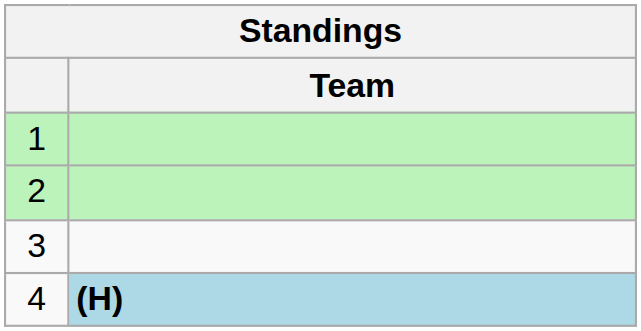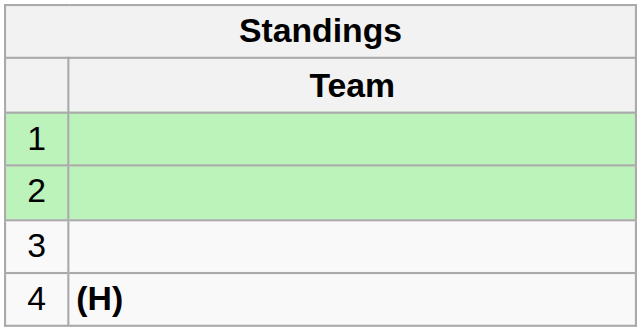 <table class="wikitable" style="text-align:center" width="300">
 <tr>
 <th colspan="2">Standings</th>
 </tr>
 <tr>
 <th width="5%"></th>
 <th width="50%">Team</th>
 </tr>
 <tr bgcolor="bbf3bb">
 <td>1</td>
 <td style="text-align:left"></td>
 </tr>
 <tr bgcolor="bbf3bb">
 <td>2</td>
 <td style="text-align:left"></td>
 </tr>
 <tr>
 <td>3</td>
 <td style="text-align:left"></td>
 </tr>
 <tr>
 <td>4</td>
-<td style="background: lightblue; text-align:left"> <strong>(H)</strong></td>
+<td style="text-align:left"> <strong>(H)</strong></td>
 </tr>
 </table>
